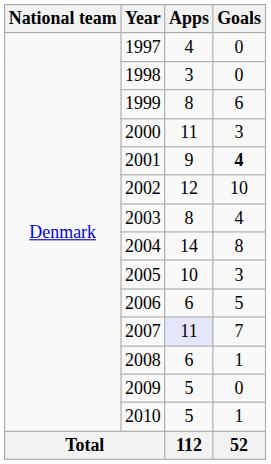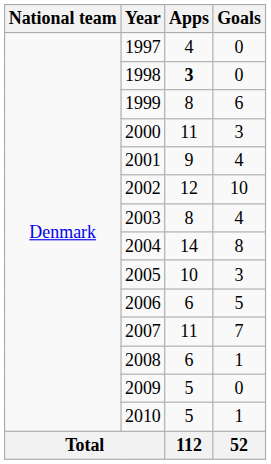 <table class="wikitable" style="text-align:center">
 <tr>
 <th>National team</th>
 <th>Year</th>
 <th>Apps</th>
 <th>Goals</th>
 </tr>
 <tr>
 <td rowspan="14"><a href='#'>Denmark</a></td>
 <td>1997</td>
 <td>4</td>
 <td>0</td>
 </tr>
 <tr>
 <td>1998</td>
-<td>3</td>
+<td><strong>3</strong></td>
 <td>0</td>
 </tr>
 <tr>
 <td>1999</td>
 <td>8</td>
 <td>6</td>
 </tr>
 <tr>
 <td>2000</td>
 <td>11</td>
 <td>3</td>
 </tr>
 <tr>
 <td>2001</td>
 <td>9</td>
-<td><strong>4</strong></td>
+<td>4</td>
 </tr>
 <tr>
 <td>2002</td>
 <td>12</td>
 <td>10</td>
 </tr>
 <tr>
 <td>2003</td>
 <td>8</td>
 <td>4</td>
 </tr>
 <tr>
 <td>2004</td>
 <td>14</td>
 <td>8</td>
 </tr>
 <tr>
 <td>2005</td>
 <td>10</td>
 <td>3</td>
 </tr>
 <tr>
 <td>2006</td>
 <td>6</td>
 <td>5</td>
 </tr>
 <tr>
 <td>2007</td>
-<td style="background: lavender;">11</td>
+<td>11</td>
 <td>7</td>
 </tr>
 <tr>
 <td>2008</td>
 <td>6</td>
 <td>1</td>
 </tr>
 <tr>
 <td>2009</td>
 <td>5</td>
 <td>0</td>
 </tr>
 <tr>
 <td>2010</td>
 <td>5</td>
 <td>1</td>
 </tr>
 <tr>
 <th colspan="2">Total</th>
 <th>112</th>
 <th>52</th>
 </tr>
 </table>
